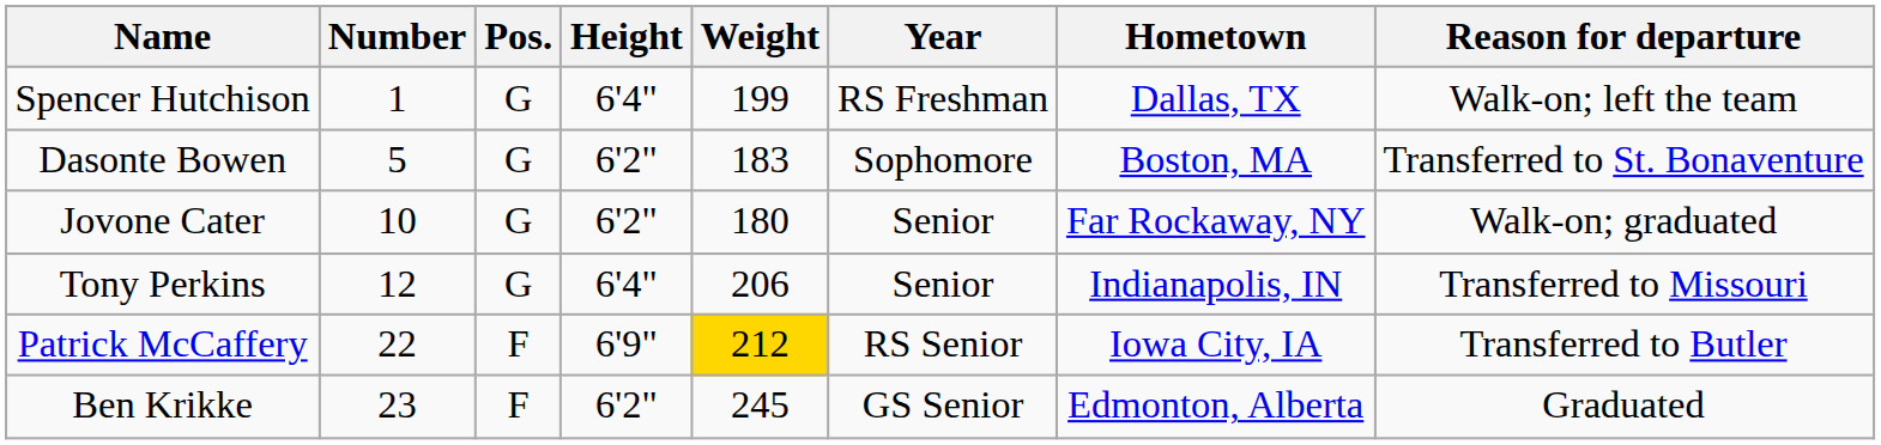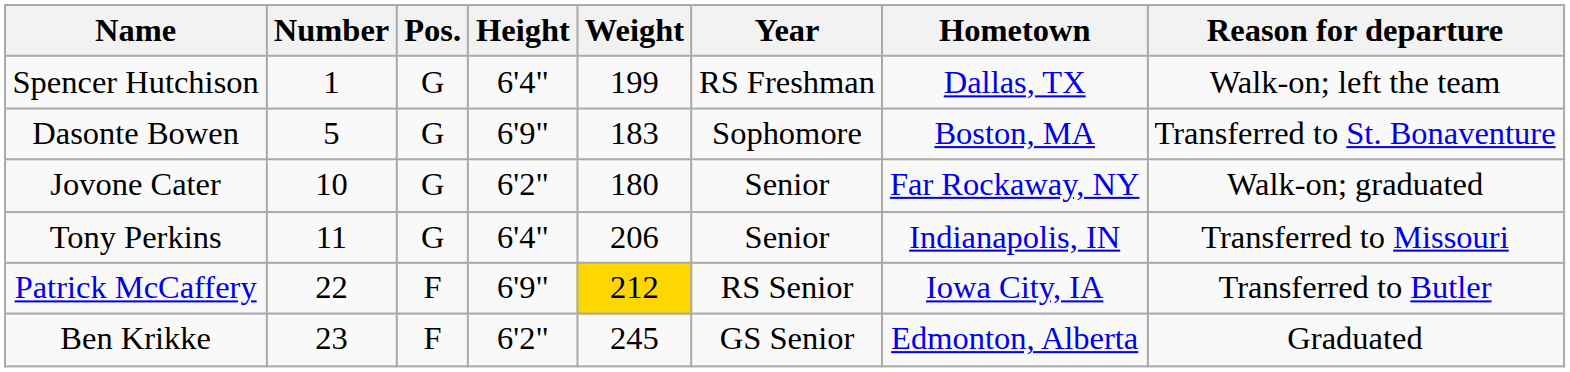 <table class="wikitable sortable sortable" style="text-align:center">
 <tr align=center>
 <th>Name</th>
 <th>Number</th>
 <th>Pos.</th>
 <th>Height</th>
 <th>Weight</th>
 <th>Year</th>
 <th>Hometown</th>
 <th class="unsortable">Reason for departure</th>
 </tr>
 <tr>
 <td>Spencer Hutchison</td>
 <td>1</td>
 <td>G</td>
 <td>6'4"</td>
 <td>199</td>
 <td>RS Freshman</td>
 <td><a href='#'>Dallas, TX</a></td>
 <td>Walk-on; left the team</td>
 </tr>
 <tr>
 <td>Dasonte Bowen</td>
 <td>5</td>
 <td>G</td>
-<td>6'2"</td>
+<td>6'9"</td>
 <td>183</td>
 <td>Sophomore</td>
 <td><a href='#'>Boston, MA</a></td>
 <td>Transferred to <a href='#'>St. Bonaventure</a></td>
 </tr>
 <tr>
 <td>Jovone Cater</td>
 <td>10</td>
 <td>G</td>
 <td>6'2"</td>
 <td>180</td>
 <td>Senior</td>
 <td><a href='#'>Far Rockaway, NY</a></td>
 <td>Walk-on; graduated</td>
 </tr>
 <tr>
 <td>Tony Perkins</td>
-<td>12</td>
+<td>11</td>
 <td>G</td>
 <td>6'4"</td>
 <td>206</td>
 <td>Senior</td>
 <td><a href='#'>Indianapolis, IN</a></td>
 <td>Transferred to <a href='#'>Missouri</a></td>
 </tr>
 <tr>
 <td><a href='#'>Patrick McCaffery</a></td>
 <td>22</td>
 <td>F</td>
 <td>6'9"</td>
 <td style="background: gold;">212</td>
 <td>RS Senior</td>
 <td><a href='#'>Iowa City, IA</a></td>
 <td>Transferred to <a href='#'>Butler</a></td>
 </tr>
 <tr>
 <td>Ben Krikke</td>
 <td>23</td>
 <td>F</td>
 <td>6'2"</td>
 <td>245</td>
 <td>GS Senior</td>
 <td><a href='#'>Edmonton, Alberta</a></td>
 <td>Graduated</td>
 </tr>
 </table>
